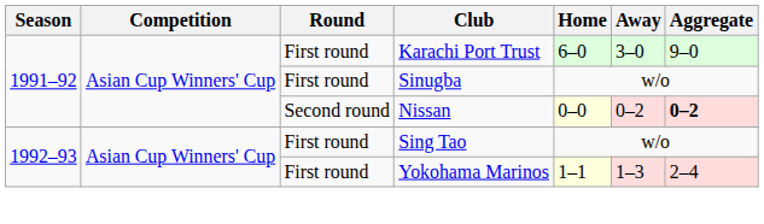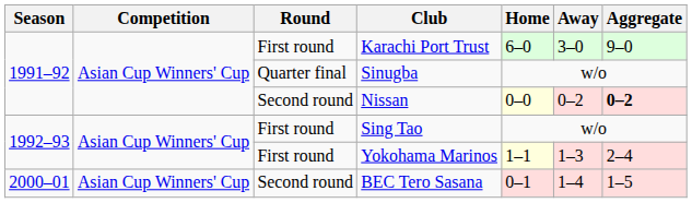 <table class="wikitable">
 <tr>
 <th>Season</th>
 <th>Competition</th>
 <th>Round</th>
 <th>Club</th>
 <th>Home</th>
 <th>Away</th>
 <th>Aggregate</th>
 </tr>
 <tr>
 <td rowspan=3><a href='#'>1991–92</a></td>
 <td rowspan=3><a href='#'>Asian Cup Winners' Cup</a></td>
 <td>First round</td>
 <td> <a href='#'>Karachi Port Trust</a></td>
 <td style="background:#dfd;">6–0</td>
 <td style="background:#dfd;">3–0</td>
 <td style="background:#dfd;">9–0</td>
 </tr>
 <tr>
-<td>First round</td>
+<td>Quarter final</td>
 <td> <a href='#'>Sinugba</a></td>
 <td colspan=3; style="text-align:center;">w/o</td>
 </tr>
 <tr>
 <td>Second round</td>
 <td> <a href='#'>Nissan</a></td>
 <td style="background:#ffd;">0–0</td>
 <td style="background:#fdd;">0–2</td>
 <td style="background:#fdd;"><strong>0–2</strong></td>
 </tr>
 <tr>
 <td rowspan=2><a href='#'>1992–93</a></td>
 <td rowspan=2><a href='#'>Asian Cup Winners' Cup</a></td>
 <td>First round</td>
 <td> <a href='#'>Sing Tao</a></td>
 <td colspan=3; style="text-align:center;">w/o</td>
 </tr>
 <tr>
 <td>First round</td>
 <td> <a href='#'>Yokohama Marinos</a></td>
 <td style="background:#ffd;">1–1</td>
 <td style="background:#fdd;">1–3</td>
 <td style="background:#fdd;">2–4</td>
 </tr>
+<tr>
+<td><a href='#'>2000–01</a></td>
+<td><a href='#'>Asian Cup Winners' Cup</a></td>
+<td>Second round</td>
+<td> <a href='#'>BEC Tero Sasana</a></td>
+<td style="background:#fdd;">0–1</td>
+<td style="background:#fdd;">1–4</td>
+<td style="background:#fdd;">1–5</td>
+</tr>
 </table>
